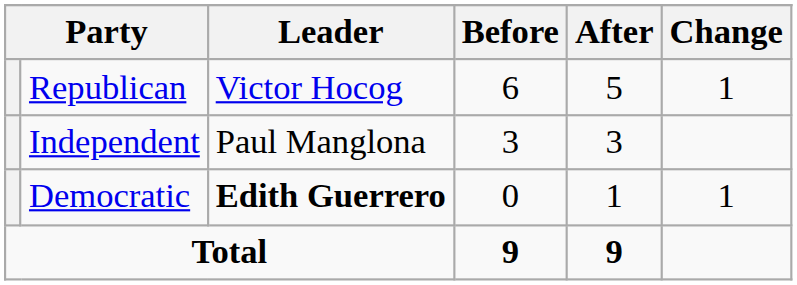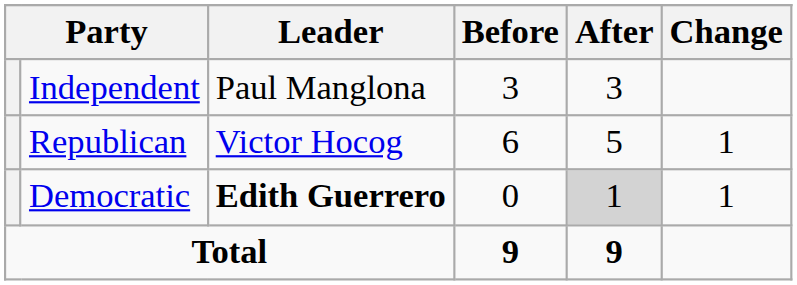 <table class="wikitable" style="text-align:center;">
 <tr>
 </tr>
 <tr>
 <th colspan=2>Party</th>
 <th>Leader</th>
 <th>Before</th>
 <th>After</th>
 <th>Change</th>
 </tr>
 <tr>
 <th style="background-color:"></th>
+<td style="text-align:left;"><a href='#'>Independent</a></td>
+<td style="text-align:left;">Paul Manglona</td>
+<td>3</td>
+<td>3</td>
+<td></td>
+</tr>
+<tr>
+<th style="background-color:"></th>
 <td style="text-align:left;"><a href='#'>Republican</a></td>
 <td style="text-align:left;"><a href='#'>Victor Hocog</a></td>
 <td>6</td>
 <td>5</td>
 <td> 1</td>
 </tr>
 <tr>
 <th style="background-color:"></th>
-<td style="text-align:left;"><a href='#'>Independent</a></td>
-<td style="text-align:left;">Paul Manglona</td>
-<td>3</td>
-<td>3</td>
-<td></td>
-</tr>
-<tr>
-<th style="background-color:"></th>
 <td style="text-align:left;"><a href='#'>Democratic</a></td>
 <td style="text-align:left;"><strong>Edith Guerrero</strong></td>
 <td>0</td>
-<td>1</td>
+<td style="background: lightgrey;">1</td>
 <td> 1</td>
 </tr>
 <tr>
 <td colspan=3><strong>Total</strong></td>
 <td><strong>9</strong></td>
 <td><strong>9</strong></td>
 <td></td>
 </tr>
 </table>
